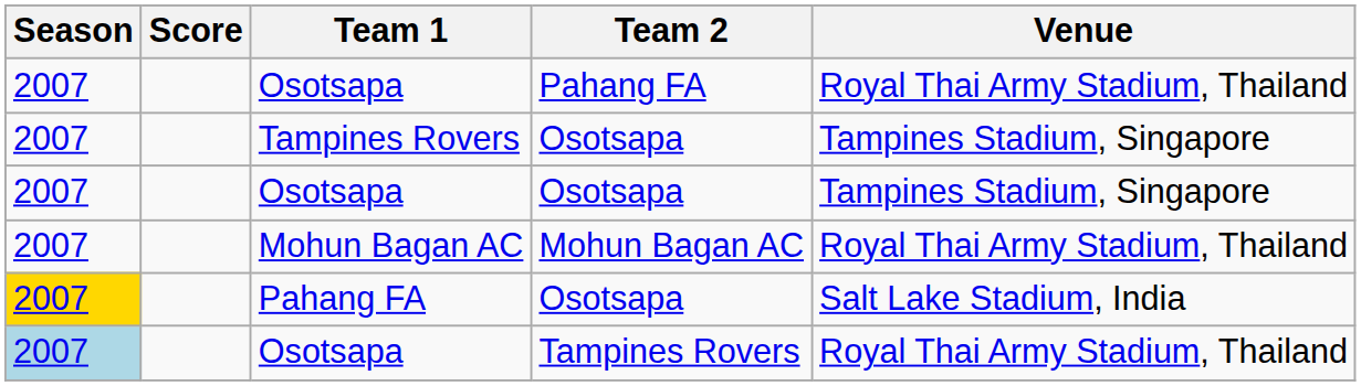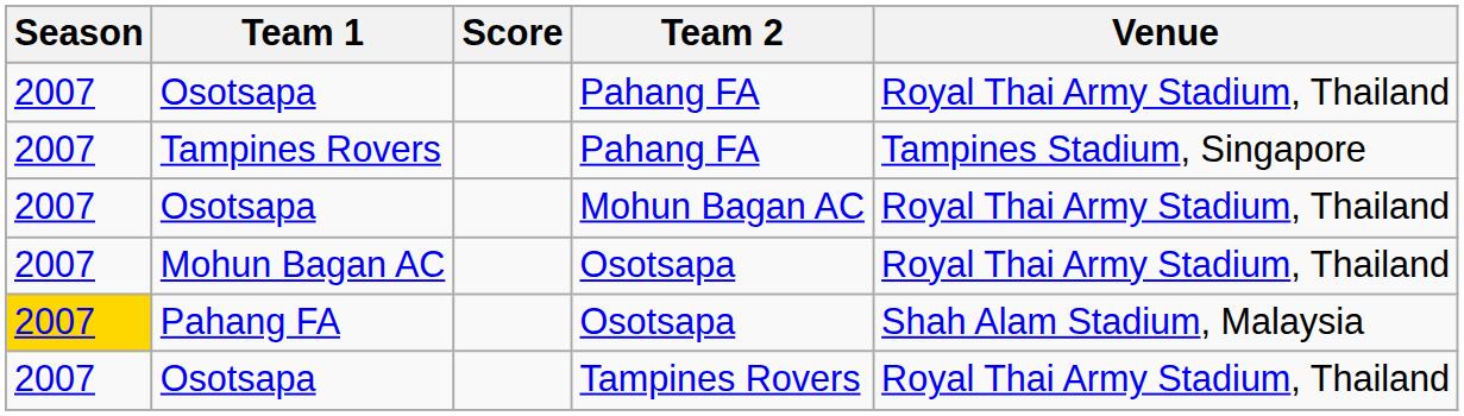 <table class="wikitable">
 <tr>
 <th>Season</th>
+<th>Team 1</th>
 <th>Score</th>
-<th>Team 1</th>
 <th>Team 2</th>
 <th>Venue</th>
 </tr>
 <tr>
 <td><a href='#'>2007</a></td>
+<td> <a href='#'>Osotsapa</a></td>
 <td></td>
-<td> <a href='#'>Osotsapa</a></td>
 <td> <a href='#'>Pahang FA</a></td>
 <td><a href='#'>Royal Thai Army Stadium</a>, Thailand</td>
 </tr>
 <tr>
 <td><a href='#'>2007</a></td>
+<td> <a href='#'>Tampines Rovers</a></td>
 <td></td>
-<td> <a href='#'>Tampines Rovers</a></td>
-<td> <a href='#'>Osotsapa</a></td>
+<td> <a href='#'>Pahang FA</a></td>
 <td><a href='#'>Tampines Stadium</a>, Singapore</td>
 </tr>
 <tr>
 <td><a href='#'>2007</a></td>
+<td> <a href='#'>Osotsapa</a></td>
 <td></td>
-<td> <a href='#'>Osotsapa</a></td>
-<td> <a href='#'>Osotsapa</a></td>
-<td><a href='#'>Tampines Stadium</a>, Singapore</td>
-</tr>
-<tr>
-<td><a href='#'>2007</a></td>
-<td></td>
-<td> <a href='#'>Mohun Bagan AC</a></td>
 <td> <a href='#'>Mohun Bagan AC</a></td>
 <td><a href='#'>Royal Thai Army Stadium</a>, Thailand</td>
 </tr>
 <tr>
-<td style="background: gold;"><a href='#'>2007</a></td>
+<td><a href='#'>2007</a></td>
+<td> <a href='#'>Mohun Bagan AC</a></td>
 <td></td>
-<td> <a href='#'>Pahang FA</a></td>
 <td> <a href='#'>Osotsapa</a></td>
-<td><a href='#'>Salt Lake Stadium</a>, India</td>
+<td><a href='#'>Royal Thai Army Stadium</a>, Thailand</td>
 </tr>
 <tr>
-<td style="background: lightblue;"><a href='#'>2007</a></td>
+<td style="background: gold;"><a href='#'>2007</a></td>
+<td> <a href='#'>Pahang FA</a></td>
 <td></td>
 <td> <a href='#'>Osotsapa</a></td>
+<td><a href='#'>Shah Alam Stadium</a>, Malaysia</td>
+</tr>
+<tr>
+<td><a href='#'>2007</a></td>
+<td> <a href='#'>Osotsapa</a></td>
+<td></td>
 <td> <a href='#'>Tampines Rovers</a></td>
 <td><a href='#'>Royal Thai Army Stadium</a>, Thailand</td>
 </tr>
 </table>
